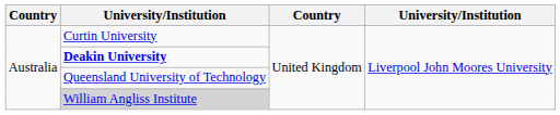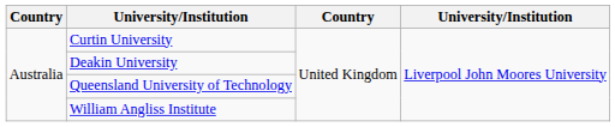 <table class="wikitable" style="margin:1em auto;">
 <tr>
 <th>Country</th>
 <th>University/Institution</th>
 <th>Country</th>
 <th>University/Institution</th>
 </tr>
 <tr>
 <td rowspan="4"> Australia</td>
 <td><a href='#'>Curtin University</a></td>
 <td rowspan="4"> United Kingdom</td>
 <td rowspan="4"><a href='#'>Liverpool John Moores University</a></td>
 </tr>
 <tr>
-<td><strong><a href='#'>Deakin University</a></strong></td>
+<td><a href='#'>Deakin University</a></td>
 </tr>
 <tr>
 <td><a href='#'>Queensland University of Technology</a></td>
 </tr>
 <tr>
-<td style="background: lightgrey;"><a href='#'>William Angliss Institute</a></td>
+<td><a href='#'>William Angliss Institute</a></td>
 </tr>
 </table>
